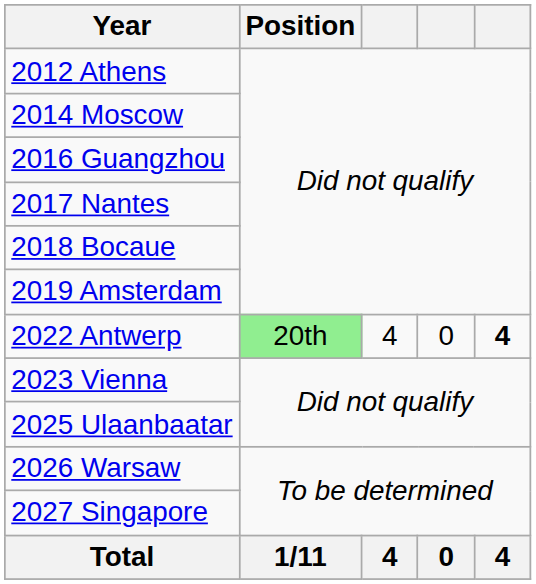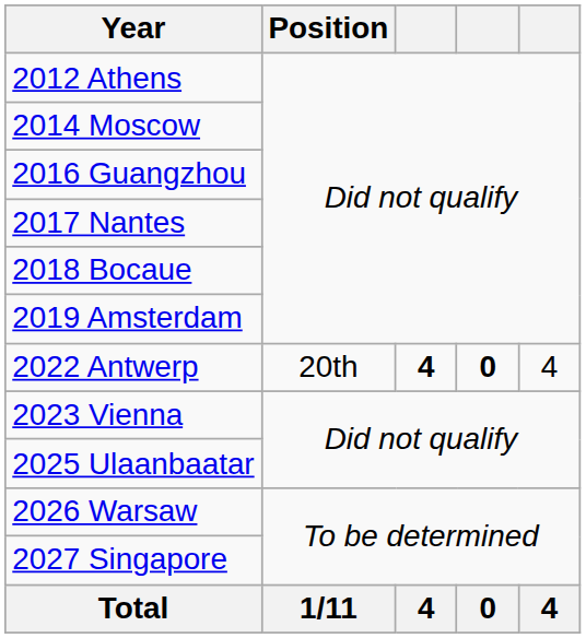 <table class="wikitable" style="text-align: center;">
 <tr>
 <th>Year</th>
 <th>Position</th>
 <th width=25px></th>
 <th width=25px></th>
 <th width=25px></th>
 </tr>
 <tr>
 <td style="text-align:left;"> <a href='#'>2012 Athens</a></td>
 <td colspan=4 rowspan=6><em>Did not qualify</em></td>
 </tr>
 <tr>
 <td style="text-align:left;"> <a href='#'>2014 Moscow</a></td>
 </tr>
 <tr>
 <td style="text-align:left;"> <a href='#'>2016 Guangzhou</a></td>
 </tr>
 <tr>
 <td style="text-align:left;"> <a href='#'>2017 Nantes</a></td>
 </tr>
 <tr>
 <td style="text-align:left;"> <a href='#'>2018 Bocaue</a></td>
 </tr>
 <tr>
 <td style="text-align:left;"> <a href='#'>2019 Amsterdam</a></td>
 </tr>
 <tr>
 <td style="text-align:left;"> <a href='#'>2022 Antwerp</a></td>
-<td style="background: lightgreen;">20th</td>
+<td>20th</td>
+<td><strong>4</strong></td>
+<td><strong>0</strong></td>
 <td>4</td>
-<td>0</td>
-<td><strong>4</strong></td>
 </tr>
 <tr>
 <td style="text-align:left;"> <a href='#'>2023 Vienna</a></td>
 <td colspan = 4 rowspan = 2><em>Did not qualify</em></td>
 </tr>
 <tr>
 <td style="text-align:left;"> <a href='#'>2025 Ulaanbaatar</a></td>
 </tr>
 <tr>
 <td style="text-align:left;"> <a href='#'>2026 Warsaw</a></td>
 <td colspan = 4 rowspan = 2><em>To be determined</em></td>
 </tr>
 <tr>
 <td style="text-align:left;"> <a href='#'>2027 Singapore</a></td>
 </tr>
 <tr>
 <th>Total</th>
 <th>1/11</th>
 <th>4</th>
 <th>0</th>
 <th>4</th>
 </tr>
 </table>
